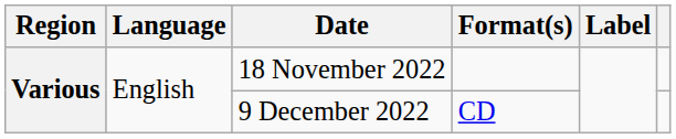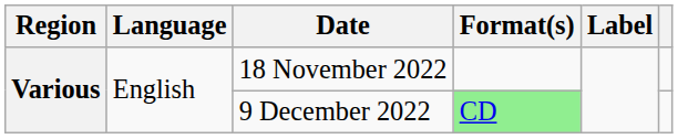 <table class="wikitable plainrowheaders">
 <tr>
 <th scope="col">Region</th>
 <th scope="col">Language</th>
 <th scope="col">Date</th>
 <th scope="col">Format(s)</th>
 <th scope="col">Label</th>
 <th scope="col"></th>
 </tr>
 <tr>
 <th scope="row" rowspan="2">Various</th>
 <td rowspan="2">English</td>
 <td>18 November 2022</td>
 <td></td>
 <td rowspan="2"></td>
 <td align="center"></td>
 </tr>
 <tr>
 <td>9 December 2022</td>
-<td><a href='#'>CD</a></td>
+<td style="background: lightgreen;"><a href='#'>CD</a></td>
 <td align="center"></td>
 </tr>
 </table>
